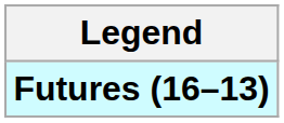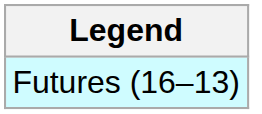 <table class="wikitable" style=font-size:97%>
 <tr>
 <th>Legend</th>
 </tr>
 <tr bgcolor=CFFCFF>
-<td><strong>Futures (16–13)</strong></td>
+<td>Futures (16–13)</td>
 </tr>
 </table>
